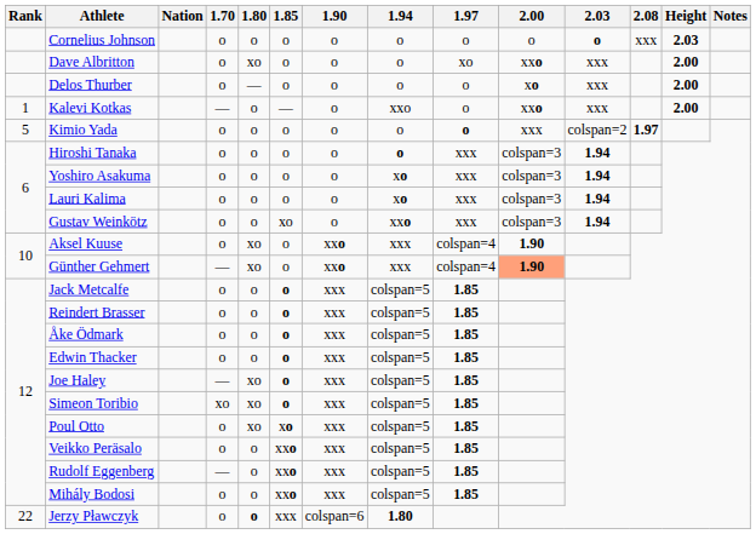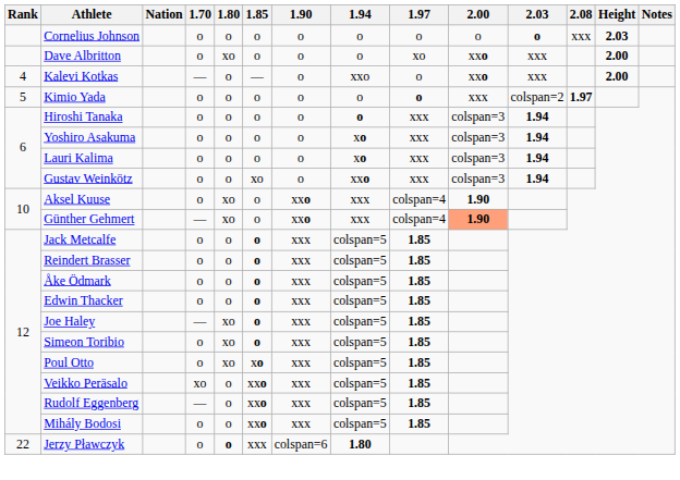 <table class="wikitable sortable" style="text-align:center">
 <tr>
 <th>Rank</th>
 <th>Athlete</th>
 <th>Nation</th>
 <th>1.70</th>
 <th>1.80</th>
 <th>1.85</th>
 <th>1.90</th>
 <th>1.94</th>
 <th>1.97</th>
 <th>2.00</th>
 <th>2.03</th>
 <th>2.08</th>
 <th>Height</th>
 <th>Notes</th>
 </tr>
 <tr>
 <td></td>
 <td align="left"><a href='#'>Cornelius Johnson</a></td>
 <td align="left"></td>
 <td>o</td>
 <td>o</td>
 <td>o</td>
 <td>o</td>
 <td>o</td>
 <td>o</td>
 <td>o</td>
 <td><strong>o</strong></td>
 <td>xxx</td>
 <td><strong>2.03</strong></td>
 <td></td>
 </tr>
 <tr>
 <td></td>
 <td align="left"><a href='#'>Dave Albritton</a></td>
 <td align="left"></td>
 <td>o</td>
 <td>xo</td>
 <td>o</td>
 <td>o</td>
 <td>o</td>
 <td>xo</td>
 <td>xx<strong>o</strong></td>
 <td>xxx</td>
 <td></td>
 <td><strong>2.00</strong></td>
 <td></td>
 </tr>
 <tr>
-<td></td>
-<td align="left"><a href='#'>Delos Thurber</a></td>
-<td align="left"></td>
-<td>o</td>
-<td>—</td>
-<td>o</td>
-<td>o</td>
-<td>o</td>
-<td>o</td>
-<td>x<strong>o</strong></td>
-<td>xxx</td>
-<td></td>
-<td><strong>2.00</strong></td>
-<td></td>
-</tr>
-<tr>
-<td>1</td>
+<td>4</td>
 <td align="left"><a href='#'>Kalevi Kotkas</a></td>
 <td align="left"></td>
 <td>—</td>
 <td>o</td>
 <td>—</td>
 <td>o</td>
 <td>xxo</td>
 <td>o</td>
 <td>xx<strong>o</strong></td>
 <td>xxx</td>
 <td></td>
 <td><strong>2.00</strong></td>
 <td></td>
 </tr>
 <tr>
 <td>5</td>
 <td align="left"><a href='#'>Kimio Yada</a></td>
 <td align="left"></td>
 <td>o</td>
 <td>o</td>
 <td>o</td>
 <td>o</td>
 <td>o</td>
 <td><strong>o</strong></td>
 <td>xxx</td>
 <td>colspan=2 </td>
 <td><strong>1.97</strong></td>
 <td></td>
 </tr>
 <tr>
 <td rowspan=4>6</td>
 <td align="left"><a href='#'>Hiroshi Tanaka</a></td>
 <td align="left"></td>
 <td>o</td>
 <td>o</td>
 <td>o</td>
 <td>o</td>
 <td><strong>o</strong></td>
 <td>xxx</td>
 <td>colspan=3 </td>
 <td><strong>1.94</strong></td>
 <td></td>
 </tr>
 <tr>
 <td align="left"><a href='#'>Yoshiro Asakuma</a></td>
 <td align="left"></td>
 <td>o</td>
 <td>o</td>
 <td>o</td>
 <td>o</td>
 <td>x<strong>o</strong></td>
 <td>xxx</td>
 <td>colspan=3 </td>
 <td><strong>1.94</strong></td>
 <td></td>
 </tr>
 <tr>
 <td align="left"><a href='#'>Lauri Kalima</a></td>
 <td align="left"></td>
 <td>o</td>
 <td>o</td>
 <td>o</td>
 <td>o</td>
 <td>x<strong>o</strong></td>
 <td>xxx</td>
 <td>colspan=3 </td>
 <td><strong>1.94</strong></td>
 <td></td>
 </tr>
 <tr>
 <td align="left"><a href='#'>Gustav Weinkötz</a></td>
 <td align="left"></td>
 <td>o</td>
 <td>o</td>
 <td>xo</td>
 <td>o</td>
 <td>xx<strong>o</strong></td>
 <td>xxx</td>
 <td>colspan=3 </td>
 <td><strong>1.94</strong></td>
 <td></td>
 </tr>
 <tr>
 <td rowspan=2>10</td>
 <td align="left"><a href='#'>Aksel Kuuse</a></td>
 <td align="left"></td>
 <td>o</td>
 <td>xo</td>
 <td>o</td>
 <td>xx<strong>o</strong></td>
 <td>xxx</td>
 <td>colspan=4 </td>
 <td><strong>1.90</strong></td>
 <td></td>
 </tr>
 <tr>
 <td align="left"><a href='#'>Günther Gehmert</a></td>
 <td align="left"></td>
 <td>—</td>
 <td>xo</td>
 <td>o</td>
 <td>xx<strong>o</strong></td>
 <td>xxx</td>
 <td>colspan=4 </td>
 <td style="background: lightsalmon;"><strong>1.90</strong></td>
 <td></td>
 </tr>
 <tr>
 <td rowspan=10>12</td>
 <td align="left"><a href='#'>Jack Metcalfe</a></td>
 <td align="left"></td>
 <td>o</td>
 <td>o</td>
 <td><strong>o</strong></td>
 <td>xxx</td>
 <td>colspan=5 </td>
 <td><strong>1.85</strong></td>
 <td></td>
 </tr>
 <tr>
 <td align="left"><a href='#'>Reindert Brasser</a></td>
 <td align="left"></td>
 <td>o</td>
 <td>o</td>
 <td><strong>o</strong></td>
 <td>xxx</td>
 <td>colspan=5 </td>
 <td><strong>1.85</strong></td>
 <td></td>
 </tr>
 <tr>
 <td align="left"><a href='#'>Åke Ödmark</a></td>
 <td align="left"></td>
 <td>o</td>
 <td>o</td>
 <td><strong>o</strong></td>
 <td>xxx</td>
 <td>colspan=5 </td>
 <td><strong>1.85</strong></td>
 <td></td>
 </tr>
 <tr>
 <td align="left"><a href='#'>Edwin Thacker</a></td>
 <td align="left"></td>
 <td>o</td>
 <td>o</td>
 <td><strong>o</strong></td>
 <td>xxx</td>
 <td>colspan=5 </td>
 <td><strong>1.85</strong></td>
 <td></td>
 </tr>
 <tr>
 <td align="left"><a href='#'>Joe Haley</a></td>
 <td align="left"></td>
 <td>—</td>
 <td>xo</td>
 <td><strong>o</strong></td>
 <td>xxx</td>
 <td>colspan=5 </td>
 <td><strong>1.85</strong></td>
 <td></td>
 </tr>
 <tr>
 <td align="left"><a href='#'>Simeon Toribio</a></td>
 <td align="left"></td>
-<td>xo</td>
+<td>o</td>
 <td>xo</td>
 <td><strong>o</strong></td>
 <td>xxx</td>
 <td>colspan=5 </td>
 <td><strong>1.85</strong></td>
 <td></td>
 </tr>
 <tr>
 <td align="left"><a href='#'>Poul Otto</a></td>
 <td align="left"></td>
 <td>o</td>
 <td>xo</td>
 <td>x<strong>o</strong></td>
 <td>xxx</td>
 <td>colspan=5 </td>
 <td><strong>1.85</strong></td>
 <td></td>
 </tr>
 <tr>
 <td align="left"><a href='#'>Veikko Peräsalo</a></td>
 <td align="left"></td>
-<td>o</td>
+<td>xo</td>
 <td>o</td>
 <td>xx<strong>o</strong></td>
 <td>xxx</td>
 <td>colspan=5 </td>
 <td><strong>1.85</strong></td>
 <td></td>
 </tr>
 <tr>
 <td align="left"><a href='#'>Rudolf Eggenberg</a></td>
 <td align="left"></td>
 <td>—</td>
 <td>o</td>
 <td>xx<strong>o</strong></td>
 <td>xxx</td>
 <td>colspan=5 </td>
 <td><strong>1.85</strong></td>
 <td></td>
 </tr>
 <tr>
 <td align="left"><a href='#'>Mihály Bodosi</a></td>
 <td align="left"></td>
 <td>o</td>
 <td>o</td>
 <td>xx<strong>o</strong></td>
 <td>xxx</td>
 <td>colspan=5 </td>
 <td><strong>1.85</strong></td>
 <td></td>
 </tr>
 <tr>
 <td>22</td>
 <td align="left"><a href='#'>Jerzy Pławczyk</a></td>
 <td align="left"></td>
 <td>o</td>
 <td><strong>o</strong></td>
 <td>xxx</td>
 <td>colspan=6 </td>
 <td><strong>1.80</strong></td>
 <td></td>
 </tr>
 </table>
